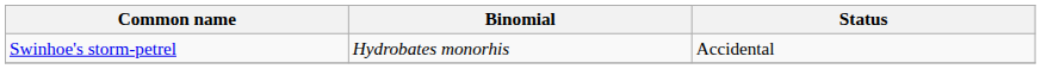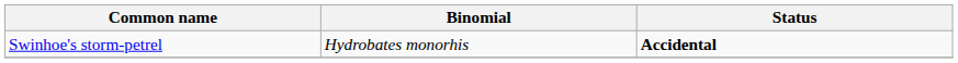 <table width=72% class="wikitable">
 <tr>
 <th width=24%>Common name</th>
 <th width=24%>Binomial</th>
 <th width=24%>Status</th>
 </tr>
 <tr>
 <td><a href='#'>Swinhoe's storm-petrel</a></td>
 <td><em>Hydrobates monorhis</em></td>
-<td>Accidental</td>
+<td><strong>Accidental</strong></td>
 </tr>
 <tr>
 </tr>
 </table>
